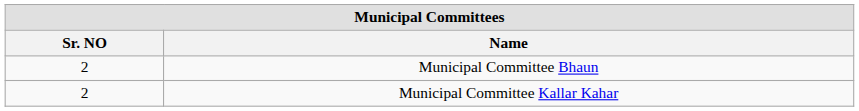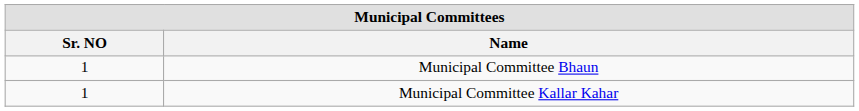 <table class="wikitable" style="margin:auto; font-size:90%; align:center; text-align:center; width:40%">
 <tr>
 <td colspan="12" bgcolor="#E0E0E0"><strong>Municipal Committees</strong></td>
 </tr>
 <tr>
 <th>Sr. NO</th>
 <th>Name</th>
 </tr>
 <tr>
-<td>2</td>
+<td>1</td>
 <td>Municipal Committee <a href='#'>Bhaun</a></td>
 </tr>
 <tr>
-<td>2</td>
+<td>1</td>
 <td>Municipal Committee <a href='#'>Kallar Kahar</a></td>
 </tr>
 </table>
